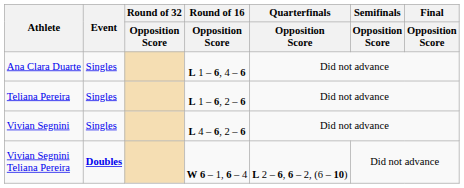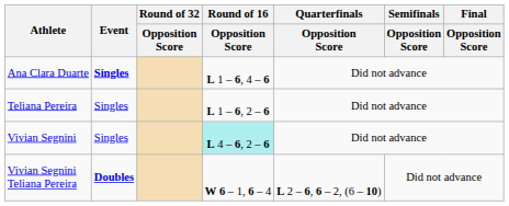 <table class="wikitable" style="font-size:90%">
 <tr>
 <th rowspan=2>Athlete</th>
 <th rowspan=2>Event</th>
 <th>Round of 32</th>
 <th>Round of 16</th>
 <th>Quarterfinals</th>
 <th>Semifinals</th>
 <th colspan=2>Final</th>
 </tr>
 <tr>
 <th>Opposition<br>Score</th>
 <th>Opposition<br>Score</th>
 <th>Opposition<br>Score</th>
 <th>Opposition<br>Score</th>
 <th>Opposition<br>Score</th>
 </tr>
 <tr>
 <td><a href='#'>Ana Clara Duarte</a></td>
-<td><a href='#'>Singles</a></td>
+<td><strong><a href='#'>Singles</a></strong></td>
 <td align=center bgcolor=wheat></td>
 <td align=center><br><strong>L</strong> 1 – <strong>6</strong>, 4 – <strong>6</strong></td>
 <td align="center" colspan="7">Did not advance</td>
 </tr>
 <tr>
 <td><a href='#'>Teliana Pereira</a></td>
 <td><a href='#'>Singles</a></td>
 <td align=center bgcolor=wheat></td>
 <td align=center><br><strong>L</strong> 1 – <strong>6</strong>, 2 – <strong>6</strong></td>
 <td align="center" colspan="7">Did not advance</td>
 </tr>
 <tr>
 <td><a href='#'>Vivian Segnini</a></td>
 <td><a href='#'>Singles</a></td>
 <td align=center bgcolor=wheat></td>
-<td align=center><br><strong>L</strong> 4 – <strong>6</strong>, 2 – <strong>6</strong></td>
+<td align=center style="background: paleturquoise;"><br><strong>L</strong> 4 – <strong>6</strong>, 2 – <strong>6</strong></td>
 <td align="center" colspan="7">Did not advance</td>
 </tr>
 <tr>
 <td><a href='#'>Vivian Segnini</a><br><a href='#'>Teliana Pereira</a></td>
 <td><strong><a href='#'>Doubles</a></strong></td>
 <td align=center bgcolor=wheat colespan=3></td>
 <td align=center><br><br><strong>W</strong> <strong>6</strong> – 1, <strong>6</strong> – 4</td>
 <td align=center><br><br><strong>L</strong> 2 – <strong>6</strong>, <strong>6</strong> – 2, (6 – <strong>10</strong>)</td>
 <td align="center" colspan="7">Did not advance</td>
 </tr>
 </table>
